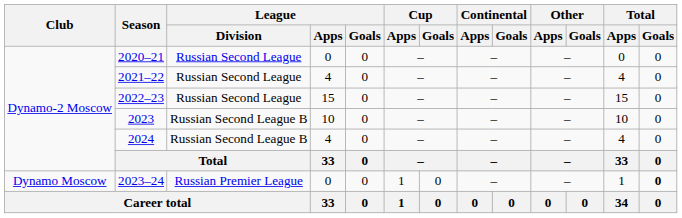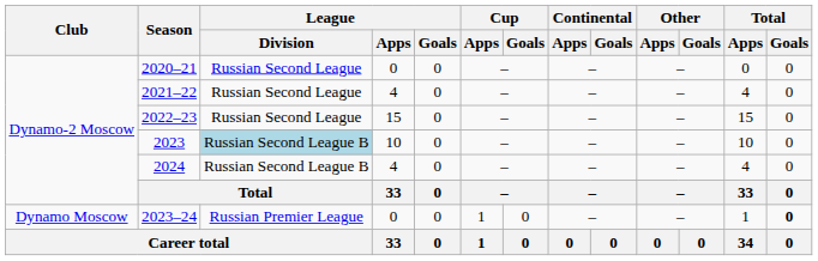 <table class="wikitable" style="text-align: center;">
 <tr>
 <th rowspan=2>Club</th>
 <th rowspan=2>Season</th>
 <th colspan=3>League</th>
 <th colspan=2>Cup</th>
 <th colspan=2>Continental</th>
 <th colspan=2>Other</th>
 <th colspan=2>Total</th>
 </tr>
 <tr>
 <th>Division</th>
 <th>Apps</th>
 <th>Goals</th>
 <th>Apps</th>
 <th>Goals</th>
 <th>Apps</th>
 <th>Goals</th>
 <th>Apps</th>
 <th>Goals</th>
 <th>Apps</th>
 <th>Goals</th>
 </tr>
 <tr>
 <td rowspan="6"><a href='#'>Dynamo-2 Moscow</a></td>
 <td><a href='#'>2020–21</a></td>
 <td><a href='#'>Russian Second League</a></td>
 <td>0</td>
 <td>0</td>
 <td colspan=2>–</td>
 <td colspan=2>–</td>
 <td colspan=2>–</td>
 <td>0</td>
 <td>0</td>
 </tr>
 <tr>
 <td><a href='#'>2021–22</a></td>
 <td>Russian Second League</td>
 <td>4</td>
 <td>0</td>
 <td colspan=2>–</td>
 <td colspan=2>–</td>
 <td colspan=2>–</td>
 <td>4</td>
 <td>0</td>
 </tr>
 <tr>
 <td><a href='#'>2022–23</a></td>
 <td>Russian Second League</td>
 <td>15</td>
 <td>0</td>
 <td colspan=2>–</td>
 <td colspan=2>–</td>
 <td colspan=2>–</td>
 <td>15</td>
 <td>0</td>
 </tr>
 <tr>
 <td><a href='#'>2023</a></td>
-<td>Russian Second League B</td>
+<td style="background: lightblue;">Russian Second League B</td>
 <td>10</td>
 <td>0</td>
 <td colspan=2>–</td>
 <td colspan=2>–</td>
 <td colspan=2>–</td>
 <td>10</td>
 <td>0</td>
 </tr>
 <tr>
 <td><a href='#'>2024</a></td>
 <td>Russian Second League B</td>
 <td>4</td>
 <td>0</td>
 <td colspan=2>–</td>
 <td colspan=2>–</td>
 <td colspan=2>–</td>
 <td>4</td>
 <td>0</td>
 </tr>
 <tr>
 <th colspan=2>Total</th>
 <th>33</th>
 <th>0</th>
 <th colspan=2>–</th>
 <th colspan=2>–</th>
 <th colspan=2>–</th>
 <th>33</th>
 <th>0</th>
 </tr>
 <tr>
 <td><a href='#'>Dynamo Moscow</a></td>
 <td><a href='#'>2023–24</a></td>
 <td><a href='#'>Russian Premier League</a></td>
 <td>0</td>
 <td>0</td>
 <td>1</td>
 <td>0</td>
 <td colspan=2>–</td>
 <td colspan=2>–</td>
 <td>1</td>
 <td><strong>0</strong></td>
 </tr>
 <tr>
 <th colspan=3>Career total</th>
 <th>33</th>
 <th>0</th>
 <th>1</th>
 <th>0</th>
 <th>0</th>
 <th>0</th>
 <th>0</th>
 <th>0</th>
 <th>34</th>
 <th>0</th>
 </tr>
 </table>
